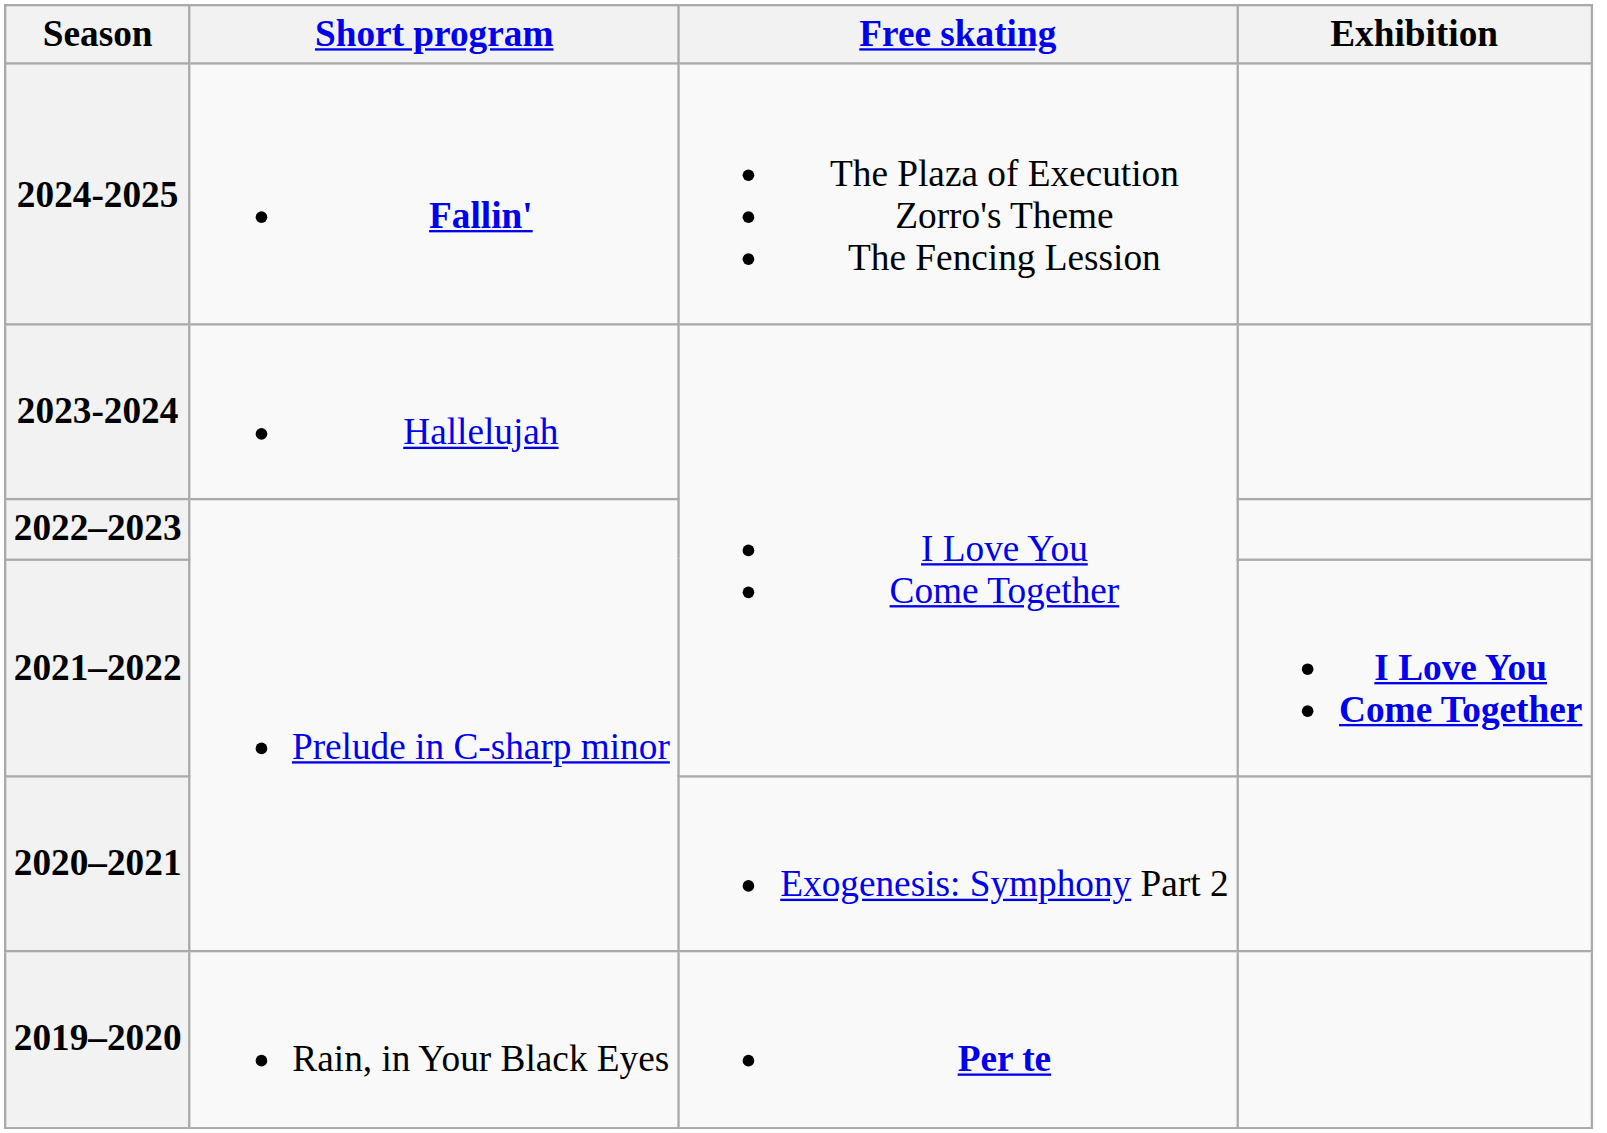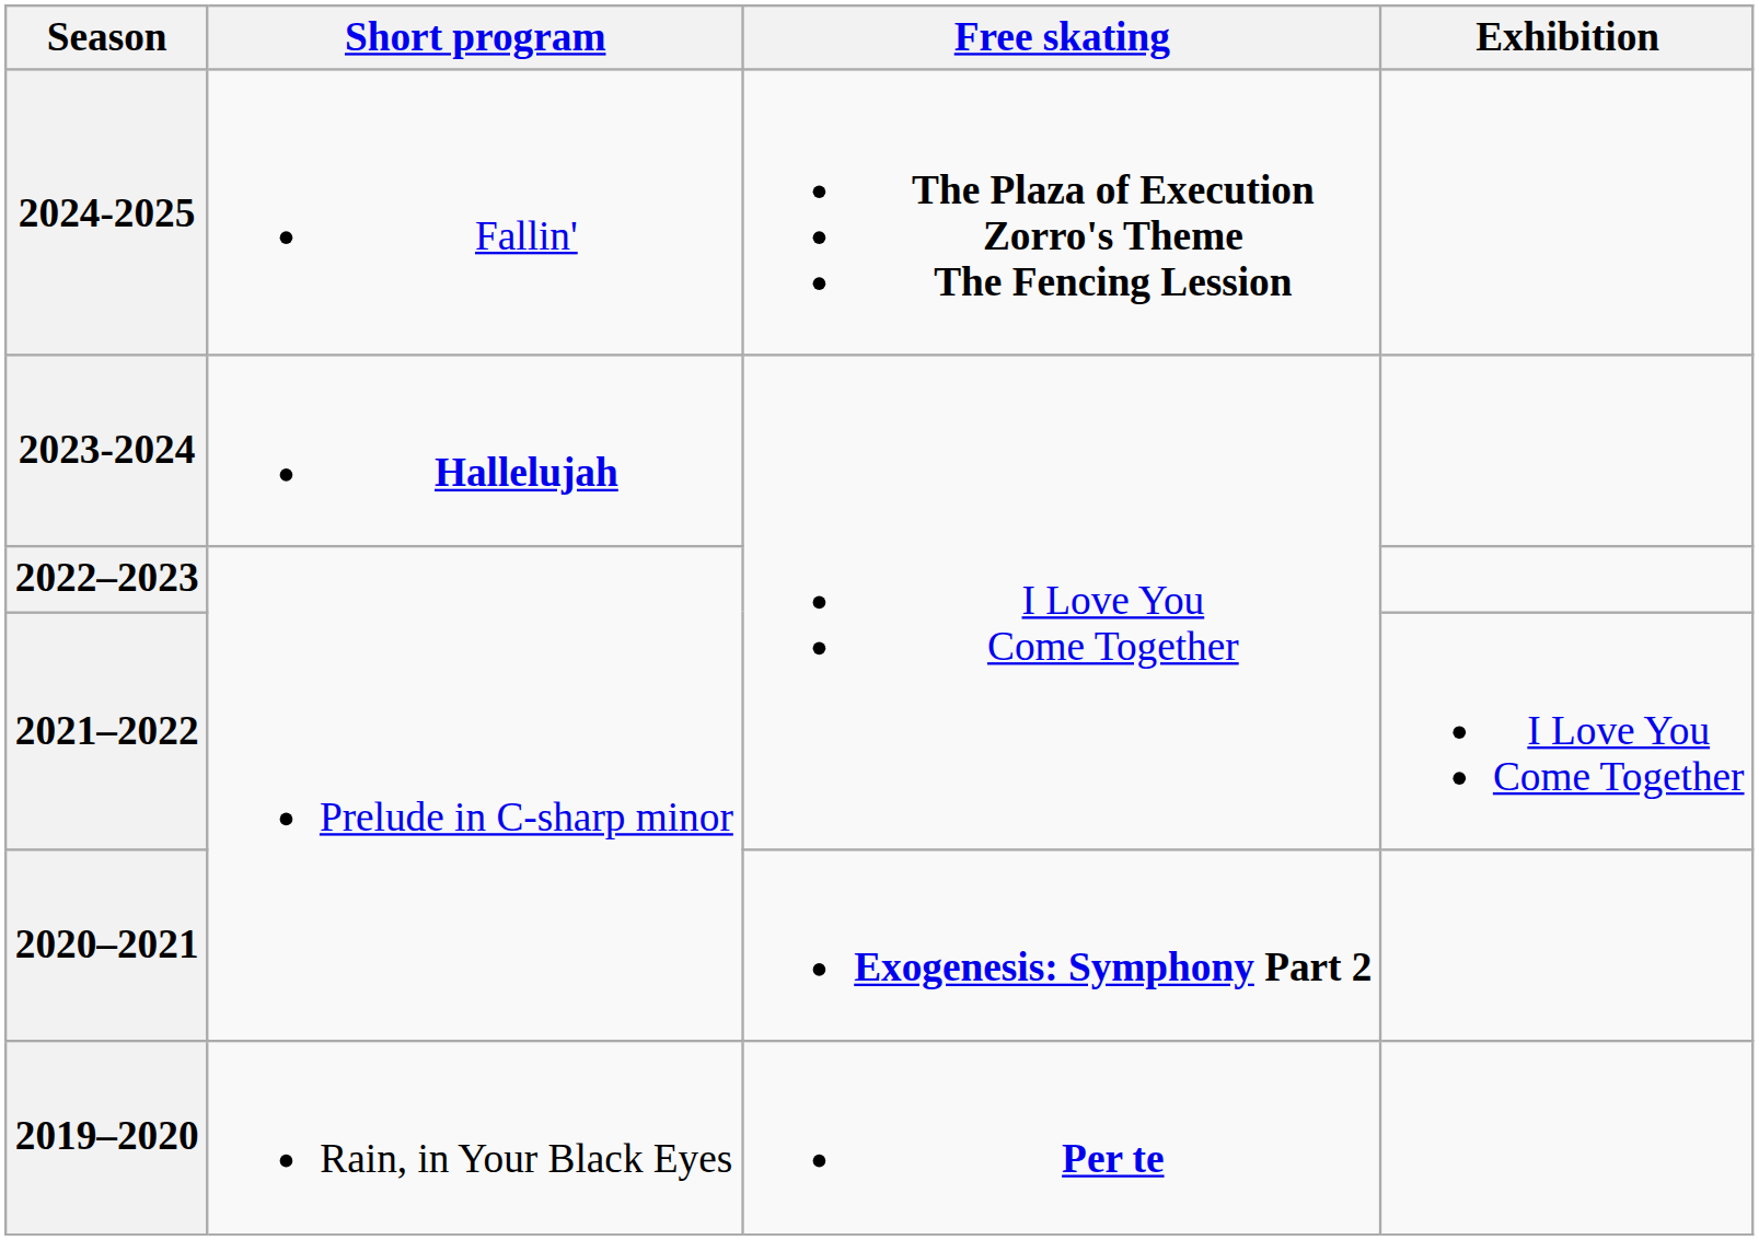 <table class=wikitable style=text-align:center>
 <tr>
 <th>Season</th>
 <th><a href='#'>Short program</a></th>
 <th><a href='#'>Free skating</a></th>
 <th>Exhibition</th>
 </tr>
 <tr>
 <th>2024-2025</th>
-<td><strong><br><ul><li><a href='#'>Fallin'</a> <br> </li></ul></strong></td>
-<td><br><ul><li>The Plaza of Execution</li><li>Zorro's Theme</li><li>The Fencing Lession<br> </li></ul></td>
+<td><br><ul><li><a href='#'>Fallin'</a> <br> </li></ul></td>
+<td><strong><br><ul><li>The Plaza of Execution</li><li>Zorro's Theme</li><li>The Fencing Lession<br> </li></ul></strong></td>
 <td></td>
 </tr>
 <tr>
 <th>2023-2024</th>
-<td><br><ul><li><a href='#'>Hallelujah</a> <br> </li></ul></td>
+<td><strong><br><ul><li><a href='#'>Hallelujah</a> <br> </li></ul></strong></td>
 <td rowspan=3><br><ul><li><a href='#'>I Love You</a> <br> </li><li><a href='#'>Come Together</a> <br> </li></ul></td>
 <td></td>
 </tr>
 <tr>
 <th>2022–2023 <br> </th>
 <td rowspan=3><br><ul><li><a href='#'>Prelude in C-sharp minor</a> <br> </li></ul></td>
 <td></td>
 </tr>
 <tr>
 <th>2021–2022 <br> </th>
-<td><strong><br><ul><li><a href='#'>I Love You</a> <br> </li><li><a href='#'>Come Together</a> <br> </li></ul></strong></td>
+<td><br><ul><li><a href='#'>I Love You</a> <br> </li><li><a href='#'>Come Together</a> <br> </li></ul></td>
 </tr>
 <tr>
 <th>2020–2021</th>
-<td><br><ul><li><a href='#'>Exogenesis: Symphony</a> Part 2 <br></li></ul></td>
+<td><strong><br><ul><li><a href='#'>Exogenesis: Symphony</a> Part 2 <br></li></ul></strong></td>
 <td></td>
 </tr>
 <tr>
 <th>2019–2020 <br> </th>
 <td><br><ul><li>Rain, in Your Black Eyes <br></li></ul></td>
 <td><strong><br><ul><li><a href='#'>Per te</a> <br></li></ul></strong></td>
 <td></td>
 </tr>
 </table>
